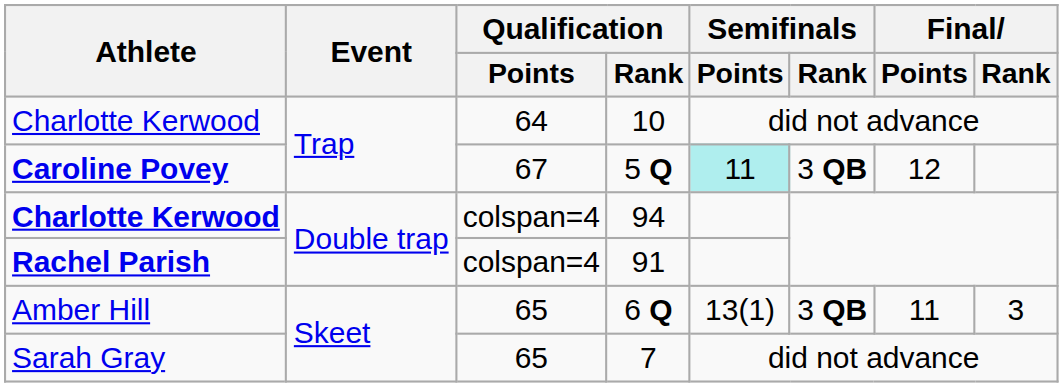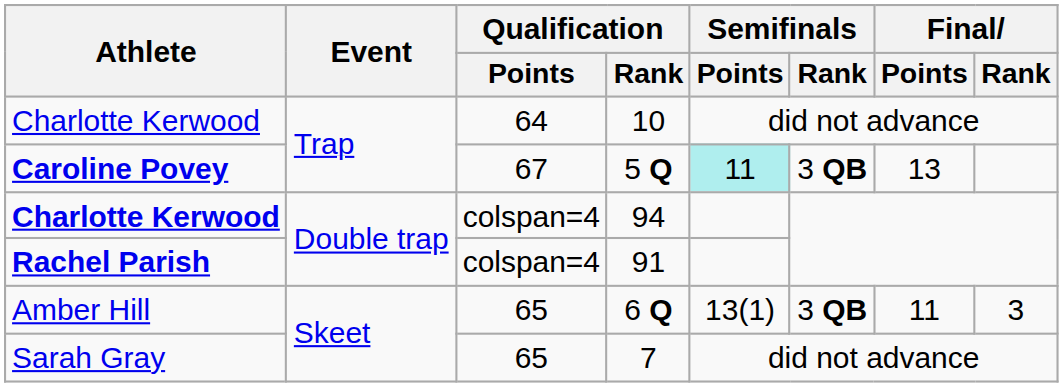 <table class="wikitable" style="font-size:90%;">
 <tr>
 <th rowspan=2>Athlete</th>
 <th rowspan=2>Event</th>
 <th colspan=2>Qualification</th>
 <th colspan=2>Semifinals</th>
 <th colspan=2>Final/</th>
 </tr>
 <tr style="font-size:95%">
 <th>Points</th>
 <th>Rank</th>
 <th>Points</th>
 <th>Rank</th>
 <th>Points</th>
 <th>Rank</th>
 </tr>
 <tr align=center>
 <td align=left><a href='#'>Charlotte Kerwood</a></td>
 <td style="text-align:left;" rowspan="2"><a href='#'>Trap</a></td>
 <td>64</td>
 <td>10</td>
 <td colspan=4>did not advance</td>
 </tr>
 <tr align=center>
 <td align=left><strong><a href='#'>Caroline Povey</a></strong></td>
 <td>67</td>
 <td>5 <strong>Q</strong></td>
 <td style="background: paleturquoise;">11</td>
 <td>3 <strong>QB</strong></td>
-<td>12</td>
+<td>13</td>
 <td></td>
 </tr>
 <tr align=center>
 <td align=left><strong><a href='#'>Charlotte Kerwood</a></strong></td>
 <td style="text-align:left;" rowspan="2"><a href='#'>Double trap</a></td>
 <td>colspan=4 </td>
 <td>94</td>
 <td></td>
 </tr>
 <tr align=center>
 <td align=left><strong><a href='#'>Rachel Parish</a></strong></td>
 <td>colspan=4 </td>
 <td>91</td>
 <td></td>
 </tr>
 <tr align=center>
 <td align=left><a href='#'>Amber Hill</a></td>
 <td style="text-align:left;" rowspan="2"><a href='#'>Skeet</a></td>
 <td>65</td>
 <td>6 <strong>Q</strong></td>
 <td>13(1)</td>
 <td>3 <strong>QB</strong></td>
 <td>11</td>
 <td>3</td>
 </tr>
 <tr align=center>
 <td align=left><a href='#'>Sarah Gray</a></td>
 <td>65</td>
 <td>7</td>
 <td colspan=4>did not advance</td>
 </tr>
 </table>
